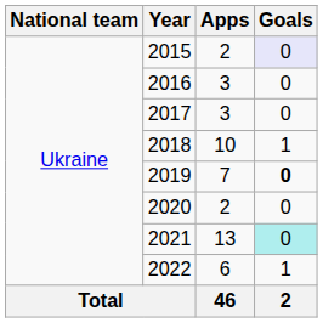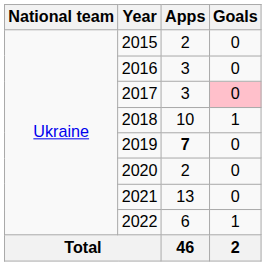 <table class="wikitable" style="text-align:center">
 <tr>
 <th>National team</th>
 <th>Year</th>
 <th>Apps</th>
 <th>Goals</th>
 </tr>
 <tr>
 <td rowspan="8"><a href='#'>Ukraine</a></td>
 <td>2015</td>
 <td>2</td>
-<td style="background: lavender;">0</td>
+<td>0</td>
 </tr>
 <tr>
 <td>2016</td>
 <td>3</td>
 <td>0</td>
 </tr>
 <tr>
 <td>2017</td>
 <td>3</td>
-<td>0</td>
+<td style="background: pink;">0</td>
 </tr>
 <tr>
 <td>2018</td>
 <td>10</td>
 <td>1</td>
 </tr>
 <tr>
 <td>2019</td>
-<td>7</td>
-<td><strong>0</strong></td>
+<td><strong>7</strong></td>
+<td>0</td>
 </tr>
 <tr>
 <td>2020</td>
 <td>2</td>
 <td>0</td>
 </tr>
 <tr>
 <td>2021</td>
 <td>13</td>
-<td style="background: paleturquoise;">0</td>
+<td>0</td>
 </tr>
 <tr>
 <td>2022</td>
 <td>6</td>
 <td>1</td>
 </tr>
 <tr>
 <th colspan="2">Total</th>
 <th>46</th>
 <th>2</th>
 </tr>
 </table>
